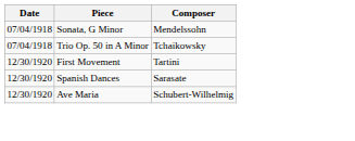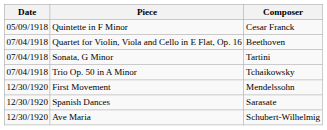 <table class="wikitable" style="font-size: 95%; display: inline-table;">
 <tr>
 <th>Date</th>
 <th>Piece</th>
 <th>Composer</th>
 </tr>
 <tr>
+<td>05/09/1918</td>
+<td>Quintette in F Minor</td>
+<td>Cesar Franck</td>
+</tr>
+<tr>
+<td>07/04/1918</td>
+<td>Quartet for Violin, Viola and Cello in E Flat, Op. 16</td>
+<td>Beethoven</td>
+</tr>
+<tr>
 <td>07/04/1918</td>
 <td>Sonata, G Minor</td>
-<td>Mendelssohn</td>
+<td>Tartini</td>
 </tr>
 <tr>
 <td>07/04/1918</td>
 <td>Trio Op. 50 in A Minor</td>
 <td>Tchaikowsky</td>
 </tr>
 <tr>
 <td>12/30/1920</td>
 <td>First Movement</td>
-<td>Tartini</td>
+<td>Mendelssohn</td>
 </tr>
 <tr>
 <td>12/30/1920</td>
 <td>Spanish Dances</td>
 <td>Sarasate</td>
 </tr>
 <tr>
 <td>12/30/1920</td>
 <td>Ave Maria</td>
 <td>Schubert-Wilhelmig</td>
 </tr>
 </table>
